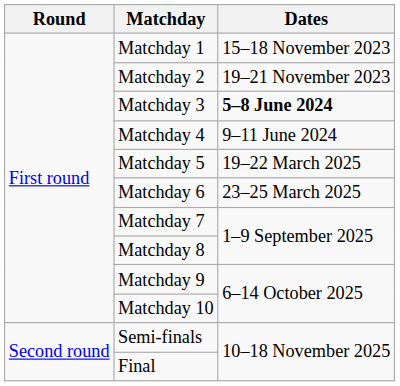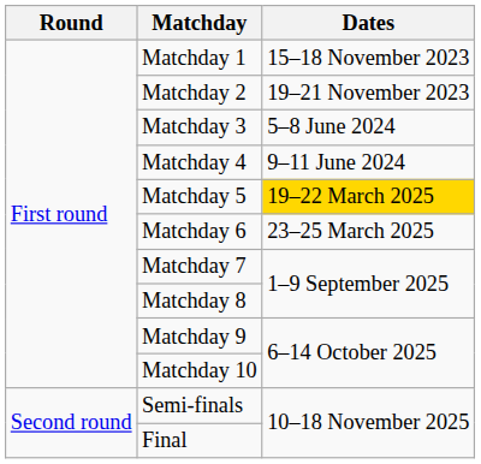 <table class="wikitable">
 <tr>
 <th>Round</th>
 <th>Matchday</th>
 <th>Dates</th>
 </tr>
 <tr>
 <td rowspan="10"><a href='#'>First round</a></td>
 <td>Matchday 1</td>
 <td>15–18 November 2023</td>
 </tr>
 <tr>
 <td>Matchday 2</td>
 <td>19–21 November 2023</td>
 </tr>
 <tr>
 <td>Matchday 3</td>
-<td><strong>5–8 June 2024</strong></td>
+<td>5–8 June 2024</td>
 </tr>
 <tr>
 <td>Matchday 4</td>
 <td>9–11 June 2024</td>
 </tr>
 <tr>
 <td>Matchday 5</td>
-<td>19–22 March 2025</td>
+<td style="background: gold;">19–22 March 2025</td>
 </tr>
 <tr>
 <td>Matchday 6</td>
 <td>23–25 March 2025</td>
 </tr>
 <tr>
 <td>Matchday 7</td>
 <td rowspan="2">1–9 September 2025</td>
 </tr>
 <tr>
 <td>Matchday 8</td>
 </tr>
 <tr>
 <td>Matchday 9</td>
 <td rowspan="2">6–14 October 2025</td>
 </tr>
 <tr>
 <td>Matchday 10</td>
 </tr>
 <tr>
 <td rowspan="2"><a href='#'>Second round</a></td>
 <td>Semi-finals</td>
 <td rowspan="2">10–18 November 2025</td>
 </tr>
 <tr>
 <td>Final</td>
 </tr>
 </table>
